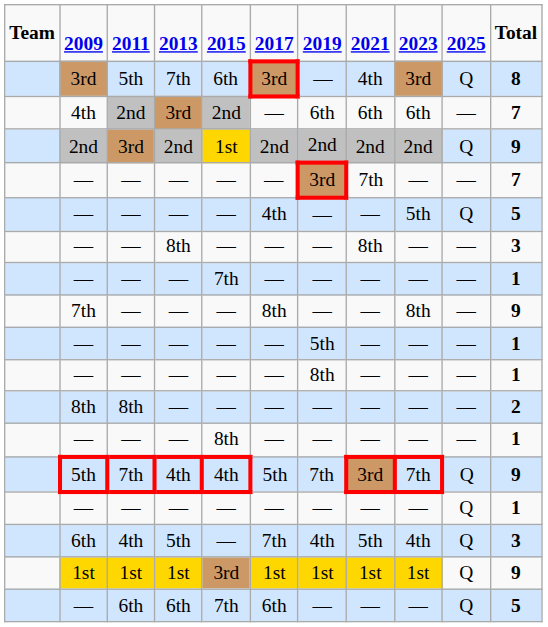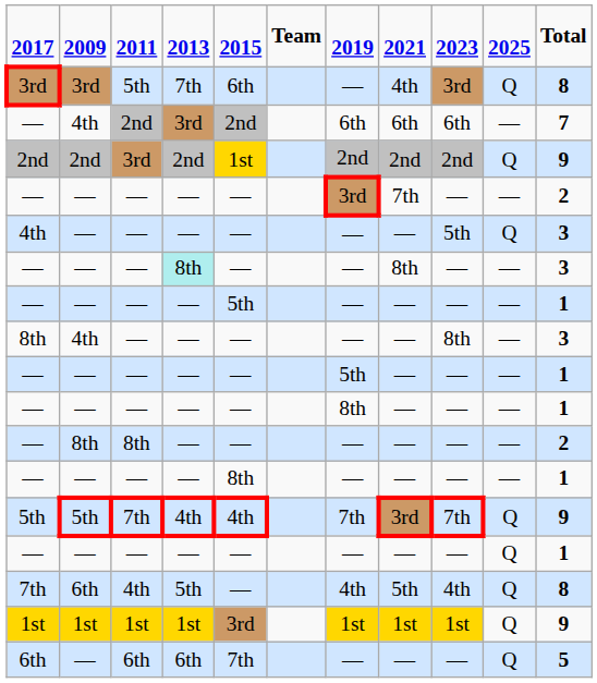 <table class="wikitable" style="text-align:center; font-size:90%">
 <tr bgcolor=>
-<td><strong>Team</strong></td>
+<td><strong><br><a href='#'>2017</a></strong></td>
 <td><strong><br><a href='#'>2009</a></strong></td>
 <td><strong><br><a href='#'>2011</a></strong></td>
 <td><strong><br><a href='#'>2013</a></strong></td>
 <td><strong><br><a href='#'>2015</a></strong></td>
-<td><strong><br><a href='#'>2017</a></strong></td>
+<td><strong>Team</strong></td>
 <td><strong><br><a href='#'>2019</a></strong></td>
 <td><strong><br><a href='#'>2021</a></strong></td>
 <td><strong><br><a href='#'>2023</a></strong></td>
 <td><strong><br><a href='#'>2025</a></strong></td>
 <td><strong>Total</strong></td>
 </tr>
 <tr bgcolor=#D0E6FF>
-<td align=left></td>
+<td style="border: 3px solid red" bgcolor=#cc9966>3rd</td>
 <td bgcolor=#cc9966>3rd</td>
 <td>5th</td>
 <td>7th</td>
 <td>6th</td>
-<td style="border: 3px solid red" bgcolor=#cc9966>3rd</td>
+<td align=left></td>
 <td>—</td>
 <td>4th</td>
 <td bgcolor=#cc9966>3rd</td>
 <td>Q</td>
 <td><strong>8</strong></td>
 </tr>
 <tr>
-<td align=left></td>
+<td>—</td>
 <td>4th</td>
 <td bgcolor=silver>2nd</td>
 <td bgcolor=#cc9966>3rd</td>
 <td bgcolor=silver>2nd</td>
-<td>—</td>
+<td align=left></td>
 <td>6th</td>
 <td>6th</td>
 <td>6th</td>
 <td>—</td>
 <td><strong>7</strong></td>
 </tr>
 <tr bgcolor=#D0E6FF>
-<td align=left></td>
+<td bgcolor=silver>2nd</td>
 <td bgcolor=silver>2nd</td>
 <td bgcolor=#cc9966>3rd</td>
 <td bgcolor=silver>2nd</td>
 <td bgcolor=gold>1st</td>
-<td bgcolor=silver>2nd</td>
+<td align=left></td>
 <td bgcolor=silver>2nd</td>
 <td bgcolor=silver>2nd</td>
 <td bgcolor=silver>2nd</td>
 <td>Q</td>
 <td><strong>9</strong></td>
 </tr>
 <tr>
-<td align=left></td>
 <td>—</td>
 <td>—</td>
 <td>—</td>
 <td>—</td>
 <td>—</td>
+<td align=left></td>
 <td style="border: 3px solid red" bgcolor=#cc9966>3rd</td>
 <td>7th</td>
 <td>—</td>
 <td>—</td>
-<td><strong>7</strong></td>
+<td><strong>2</strong></td>
 </tr>
 <tr bgcolor=#D0E6FF>
-<td align=left></td>
+<td>4th</td>
 <td>—</td>
 <td>—</td>
 <td>—</td>
 <td>—</td>
-<td>4th</td>
+<td align=left></td>
 <td>—</td>
 <td>—</td>
 <td>5th</td>
 <td>Q</td>
-<td><strong>5</strong></td>
+<td><strong>3</strong></td>
 </tr>
 <tr>
-<td align=left></td>
 <td>—</td>
 <td>—</td>
-<td>8th</td>
 <td>—</td>
+<td style="background: paleturquoise;">8th</td>
 <td>—</td>
+<td align=left></td>
 <td>—</td>
 <td>8th</td>
 <td>—</td>
 <td>—</td>
 <td><strong>3</strong></td>
 </tr>
 <tr bgcolor=#D0E6FF>
-<td align=left></td>
 <td>—</td>
 <td>—</td>
 <td>—</td>
-<td>7th</td>
 <td>—</td>
+<td>5th</td>
+<td align=left></td>
 <td>—</td>
 <td>—</td>
 <td>—</td>
 <td>—</td>
 <td><strong>1</strong></td>
 </tr>
 <tr>
+<td>8th</td>
+<td>4th</td>
+<td>—</td>
+<td>—</td>
+<td>—</td>
 <td align=left></td>
-<td>7th</td>
-<td>—</td>
 <td>—</td>
 <td>—</td>
 <td>8th</td>
 <td>—</td>
-<td>—</td>
-<td>8th</td>
-<td>—</td>
-<td><strong>9</strong></td>
+<td><strong>3</strong></td>
 </tr>
 <tr bgcolor=#D0E6FF>
-<td align=left></td>
 <td>—</td>
 <td>—</td>
 <td>—</td>
 <td>—</td>
 <td>—</td>
+<td align=left></td>
 <td>5th</td>
 <td>—</td>
 <td>—</td>
 <td>—</td>
 <td><strong>1</strong></td>
 </tr>
 <tr>
-<td align=left></td>
 <td>—</td>
 <td>—</td>
 <td>—</td>
 <td>—</td>
 <td>—</td>
+<td align=left></td>
 <td>8th</td>
 <td>—</td>
 <td>—</td>
 <td>—</td>
 <td><strong>1</strong></td>
 </tr>
 <tr bgcolor=#D0E6FF>
-<td align=left></td>
+<td>—</td>
 <td>8th</td>
 <td>8th</td>
 <td>—</td>
 <td>—</td>
-<td>—</td>
+<td align=left></td>
 <td>—</td>
 <td>—</td>
 <td>—</td>
 <td>—</td>
 <td><strong>2</strong></td>
 </tr>
 <tr>
-<td align=left></td>
+<td>—</td>
 <td>—</td>
 <td>—</td>
 <td>—</td>
 <td>8th</td>
-<td>—</td>
+<td align=left></td>
 <td>—</td>
 <td>—</td>
 <td>—</td>
 <td>—</td>
 <td><strong>1</strong></td>
 </tr>
 <tr bgcolor=#D0E6FF>
-<td align=left></td>
+<td>5th</td>
 <td style="border: 3px solid red">5th</td>
 <td style="border: 3px solid red">7th</td>
 <td style="border: 3px solid red">4th</td>
 <td style="border: 3px solid red">4th</td>
-<td>5th</td>
+<td align=left></td>
 <td>7th</td>
 <td style="border: 3px solid red" bgcolor=#cc9966>3rd</td>
 <td style="border: 3px solid red">7th</td>
 <td>Q</td>
 <td><strong>9</strong></td>
 </tr>
 <tr>
-<td align=left></td>
 <td>—</td>
 <td>—</td>
 <td>—</td>
 <td>—</td>
 <td>—</td>
+<td align=left></td>
 <td>—</td>
 <td>—</td>
 <td>—</td>
 <td>Q</td>
 <td><strong>1</strong></td>
 </tr>
 <tr bgcolor=#D0E6FF>
-<td align=left></td>
+<td>7th</td>
 <td>6th</td>
 <td>4th</td>
 <td>5th</td>
 <td>—</td>
-<td>7th</td>
+<td align=left></td>
 <td>4th</td>
 <td>5th</td>
 <td>4th</td>
 <td>Q</td>
-<td><strong>3</strong></td>
+<td><strong>8</strong></td>
 </tr>
 <tr>
-<td align=left></td>
+<td bgcolor=gold>1st</td>
 <td bgcolor=gold>1st</td>
 <td bgcolor=gold>1st</td>
 <td bgcolor=gold>1st</td>
 <td bgcolor=#cc9966>3rd</td>
-<td bgcolor=gold>1st</td>
+<td align=left></td>
 <td bgcolor=gold>1st</td>
 <td bgcolor=gold>1st</td>
 <td bgcolor=gold>1st</td>
 <td>Q</td>
 <td><strong>9</strong></td>
 </tr>
 <tr bgcolor=#D0E6FF>
-<td align=left></td>
+<td>6th</td>
 <td>—</td>
 <td>6th</td>
 <td>6th</td>
 <td>7th</td>
-<td>6th</td>
+<td align=left></td>
 <td>—</td>
 <td>—</td>
 <td>—</td>
 <td>Q</td>
 <td><strong>5</strong></td>
 </tr>
 </table>
